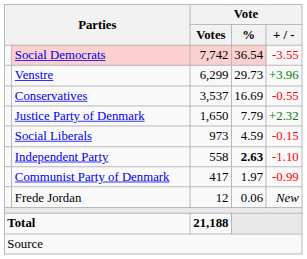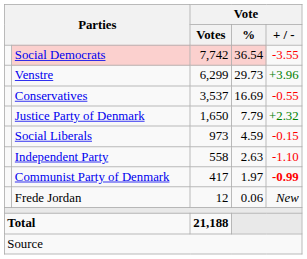 <table class="wikitable" style="text-align:right;">
 <tr>
 <th style="text-align:centre;" rowspan="2" colspan="2" width="225">Parties</th>
 <th colspan="3">Vote</th>
 </tr>
 <tr>
 <th width="15">Votes</th>
 <th width="15">%</th>
 <th width="15">+ / -</th>
 </tr>
 <tr>
 <td width="2" style="color:inherit;background:"></td>
 <td bgcolor=#fbd0ce  align="left"><a href='#'>Social Democrats</a></td>
 <td bgcolor=#fbd0ce>7,742</td>
 <td bgcolor=#fbd0ce>36.54</td>
 <td style=color:red;>-3.55</td>
 </tr>
 <tr>
 <td width="2" style="color:inherit;background:"></td>
 <td align="left"><a href='#'>Venstre</a></td>
 <td>6,299</td>
 <td>29.73</td>
 <td style=color:green;>+3.96</td>
 </tr>
 <tr>
 <td width="2" style="color:inherit;background:"></td>
 <td align="left"><a href='#'>Conservatives</a></td>
 <td>3,537</td>
 <td>16.69</td>
 <td style=color:red;>-0.55</td>
 </tr>
 <tr>
 <td width="2" style="color:inherit;background:"></td>
 <td align="left"><a href='#'>Justice Party of Denmark</a></td>
 <td>1,650</td>
 <td>7.79</td>
 <td style=color:green;>+2.32</td>
 </tr>
 <tr>
 <td width="2" style="color:inherit;background:"></td>
 <td align="left"><a href='#'>Social Liberals</a></td>
 <td>973</td>
 <td>4.59</td>
 <td style=color:red;>-0.15</td>
 </tr>
 <tr>
 <td width="2" style="color:inherit;background:"></td>
 <td align="left"><a href='#'>Independent Party</a></td>
 <td>558</td>
-<td><strong>2.63</strong></td>
+<td>2.63</td>
 <td style=color:red;>-1.10</td>
 </tr>
 <tr>
 <td width="2" style="color:inherit;background:"></td>
 <td align="left"><a href='#'>Communist Party of Denmark</a></td>
 <td>417</td>
 <td>1.97</td>
-<td style=color:red;>-0.99</td>
+<td style=color:red;><strong>-0.99</strong></td>
 </tr>
 <tr>
 <td width="2" style="color:inherit;background:"></td>
 <td align="left">Frede Jordan</td>
 <td>12</td>
 <td>0.06</td>
 <td><em>New</em></td>
 </tr>
 <tr>
 <td colspan="7" bgcolor="#E9E9E9"></td>
 </tr>
 <tr>
 <td align="left" colspan="2"><strong>Total</strong></td>
 <td><strong>21,188</strong></td>
 <td bgcolor="#E9E9E9" colspan="2"></td>
 </tr>
 <tr>
 <td align="left" colspan="6">Source</td>
 </tr>
 </table>
